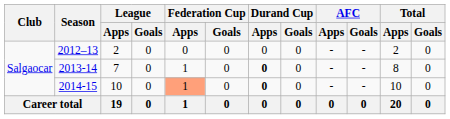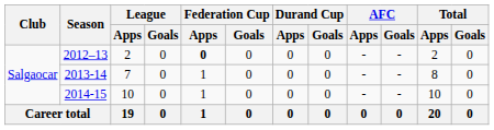 <table class="wikitable" style="text-align: center;">
 <tr>
 <th rowspan="2">Club</th>
 <th rowspan="2">Season</th>
 <th colspan="2">League</th>
 <th colspan="2">Federation Cup</th>
 <th colspan="2">Durand Cup</th>
 <th colspan="2"><a href='#'>AFC</a></th>
 <th colspan="2">Total</th>
 </tr>
 <tr>
 <th>Apps</th>
 <th>Goals</th>
 <th>Apps</th>
 <th>Goals</th>
 <th>Apps</th>
 <th>Goals</th>
 <th>Apps</th>
 <th>Goals</th>
 <th>Apps</th>
 <th>Goals</th>
 </tr>
 <tr>
 <td rowspan="3"><a href='#'>Salgaocar</a></td>
 <td><a href='#'>2012–13</a></td>
 <td>2</td>
 <td>0</td>
-<td>0</td>
+<td><strong>0</strong></td>
 <td>0</td>
 <td>0</td>
 <td>0</td>
 <td>-</td>
 <td>-</td>
 <td>2</td>
 <td>0</td>
 </tr>
 <tr>
 <td><a href='#'>2013-14</a></td>
 <td>7</td>
 <td>0</td>
 <td>1</td>
 <td>0</td>
-<td><strong>0</strong></td>
+<td>0</td>
 <td>0</td>
 <td>-</td>
 <td>-</td>
 <td>8</td>
 <td>0</td>
 </tr>
 <tr>
 <td><a href='#'>2014-15</a></td>
 <td>10</td>
 <td>0</td>
-<td style="background: lightsalmon;">1</td>
+<td>1</td>
 <td>0</td>
-<td><strong>0</strong></td>
+<td>0</td>
 <td>0</td>
 <td>-</td>
 <td>-</td>
 <td>10</td>
 <td>0</td>
 </tr>
 <tr>
 <th colspan="2">Career total</th>
 <th>19</th>
 <th>0</th>
 <th>1</th>
 <th>0</th>
 <th>0</th>
 <th>0</th>
 <th>0</th>
 <th>0</th>
 <th>20</th>
 <th>0</th>
 </tr>
 </table>
